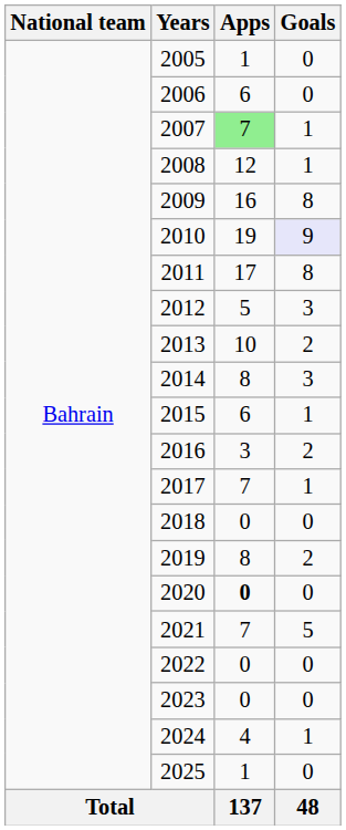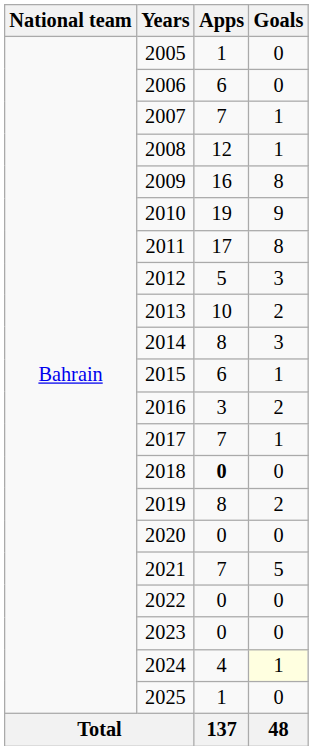 <table class="wikitable" style="text-align:center;">
 <tr>
 <th>National team</th>
 <th>Years</th>
 <th>Apps</th>
 <th>Goals</th>
 </tr>
 <tr>
 <td rowspan="21"><a href='#'>Bahrain</a></td>
 <td>2005</td>
 <td>1</td>
 <td>0</td>
 </tr>
 <tr>
 <td>2006</td>
 <td>6</td>
 <td>0</td>
 </tr>
 <tr>
 <td>2007</td>
-<td style="background: lightgreen;">7</td>
+<td>7</td>
 <td>1</td>
 </tr>
 <tr>
 <td>2008</td>
 <td>12</td>
 <td>1</td>
 </tr>
 <tr>
 <td>2009</td>
 <td>16</td>
 <td>8</td>
 </tr>
 <tr>
 <td>2010</td>
 <td>19</td>
-<td style="background: lavender;">9</td>
+<td>9</td>
 </tr>
 <tr>
 <td>2011</td>
 <td>17</td>
 <td>8</td>
 </tr>
 <tr>
 <td>2012</td>
 <td>5</td>
 <td>3</td>
 </tr>
 <tr>
 <td>2013</td>
 <td>10</td>
 <td>2</td>
 </tr>
 <tr>
 <td>2014</td>
 <td>8</td>
 <td>3</td>
 </tr>
 <tr>
 <td>2015</td>
 <td>6</td>
 <td>1</td>
 </tr>
 <tr>
 <td>2016</td>
 <td>3</td>
 <td>2</td>
 </tr>
 <tr>
 <td>2017</td>
 <td>7</td>
 <td>1</td>
 </tr>
 <tr>
 <td>2018</td>
-<td>0</td>
+<td><strong>0</strong></td>
 <td>0</td>
 </tr>
 <tr>
 <td>2019</td>
 <td>8</td>
 <td>2</td>
 </tr>
 <tr>
 <td>2020</td>
-<td><strong>0</strong></td>
+<td>0</td>
 <td>0</td>
 </tr>
 <tr>
 <td>2021</td>
 <td>7</td>
 <td>5</td>
 </tr>
 <tr>
 <td>2022</td>
 <td>0</td>
 <td>0</td>
 </tr>
 <tr>
 <td>2023</td>
 <td>0</td>
 <td>0</td>
 </tr>
 <tr>
 <td>2024</td>
 <td>4</td>
-<td>1</td>
+<td style="background: lightyellow;">1</td>
 </tr>
 <tr>
 <td>2025</td>
 <td>1</td>
 <td>0</td>
 </tr>
 <tr>
 <th colspan=2>Total</th>
 <th>137</th>
 <th>48</th>
 </tr>
 </table>
